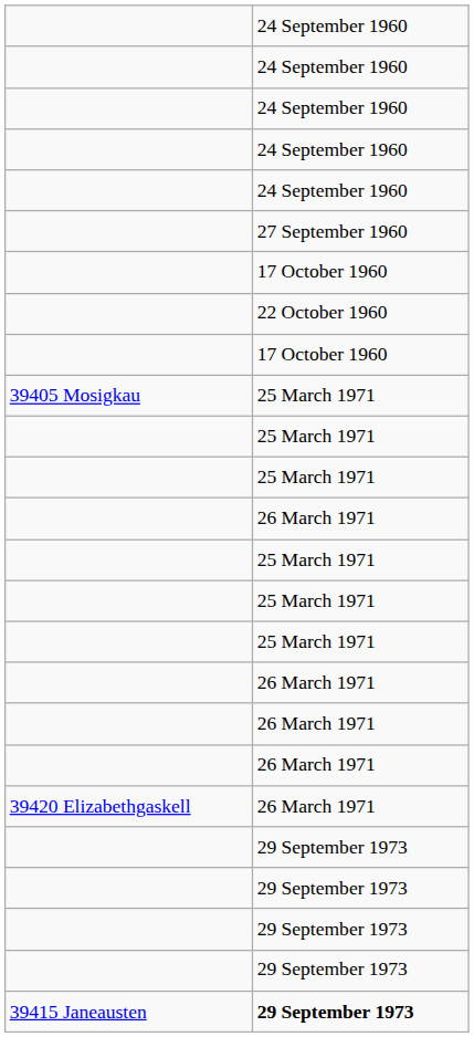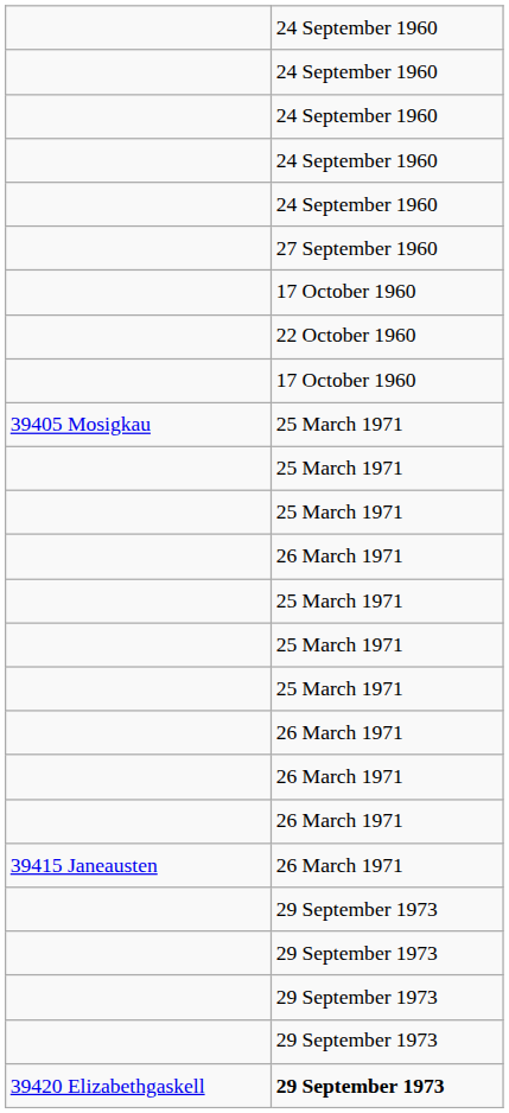 <table class="wikitable" style="font-size: 89%; float: left; width: 24em; margin-right: 1em; line-height: 1.65em">
 <tr>
 <td></td>
 <td>24 September 1960</td>
 </tr>
 <tr>
 <td></td>
 <td>24 September 1960</td>
 </tr>
 <tr>
 <td></td>
 <td>24 September 1960</td>
 </tr>
 <tr>
 <td></td>
 <td>24 September 1960</td>
 </tr>
 <tr>
 <td></td>
 <td>24 September 1960</td>
 </tr>
 <tr>
 <td></td>
 <td>27 September 1960</td>
 </tr>
 <tr>
 <td></td>
 <td>17 October 1960</td>
 </tr>
 <tr>
 <td></td>
 <td>22 October 1960</td>
 </tr>
 <tr>
 <td></td>
 <td>17 October 1960</td>
 </tr>
 <tr>
 <td><a href='#'>39405 Mosigkau</a></td>
 <td>25 March 1971</td>
 </tr>
 <tr>
 <td></td>
 <td>25 March 1971</td>
 </tr>
 <tr>
 <td></td>
 <td>25 March 1971</td>
 </tr>
 <tr>
 <td></td>
 <td>26 March 1971</td>
 </tr>
 <tr>
 <td></td>
 <td>25 March 1971</td>
 </tr>
 <tr>
 <td></td>
 <td>25 March 1971</td>
 </tr>
 <tr>
 <td></td>
 <td>25 March 1971</td>
 </tr>
 <tr>
 <td></td>
 <td>26 March 1971</td>
 </tr>
 <tr>
 <td></td>
 <td>26 March 1971</td>
 </tr>
 <tr>
 <td></td>
 <td>26 March 1971</td>
 </tr>
 <tr>
-<td><a href='#'>39420 Elizabethgaskell</a></td>
+<td><a href='#'>39415 Janeausten</a></td>
 <td>26 March 1971</td>
 </tr>
 <tr>
 <td></td>
 <td>29 September 1973</td>
 </tr>
 <tr>
 <td></td>
 <td>29 September 1973</td>
 </tr>
 <tr>
 <td></td>
 <td>29 September 1973</td>
 </tr>
 <tr>
 <td></td>
 <td>29 September 1973</td>
 </tr>
 <tr>
-<td><a href='#'>39415 Janeausten</a></td>
+<td><a href='#'>39420 Elizabethgaskell</a></td>
 <td><strong>29 September 1973</strong></td>
 </tr>
 </table>
